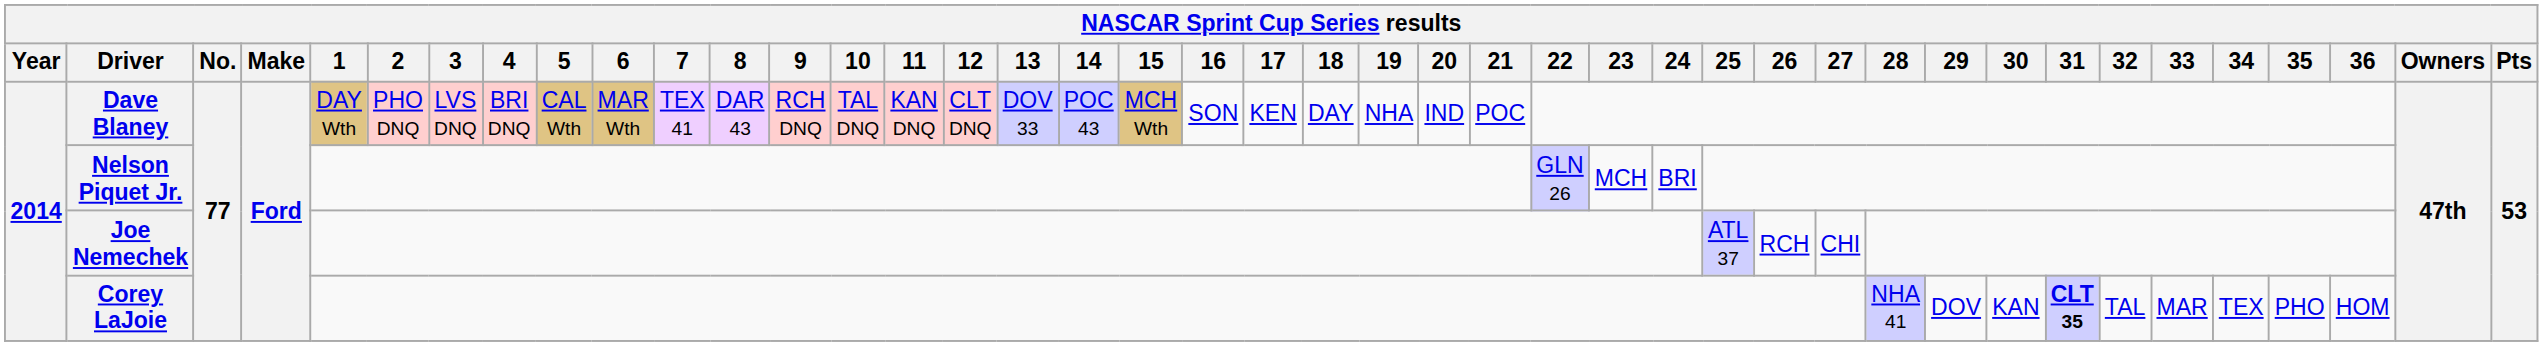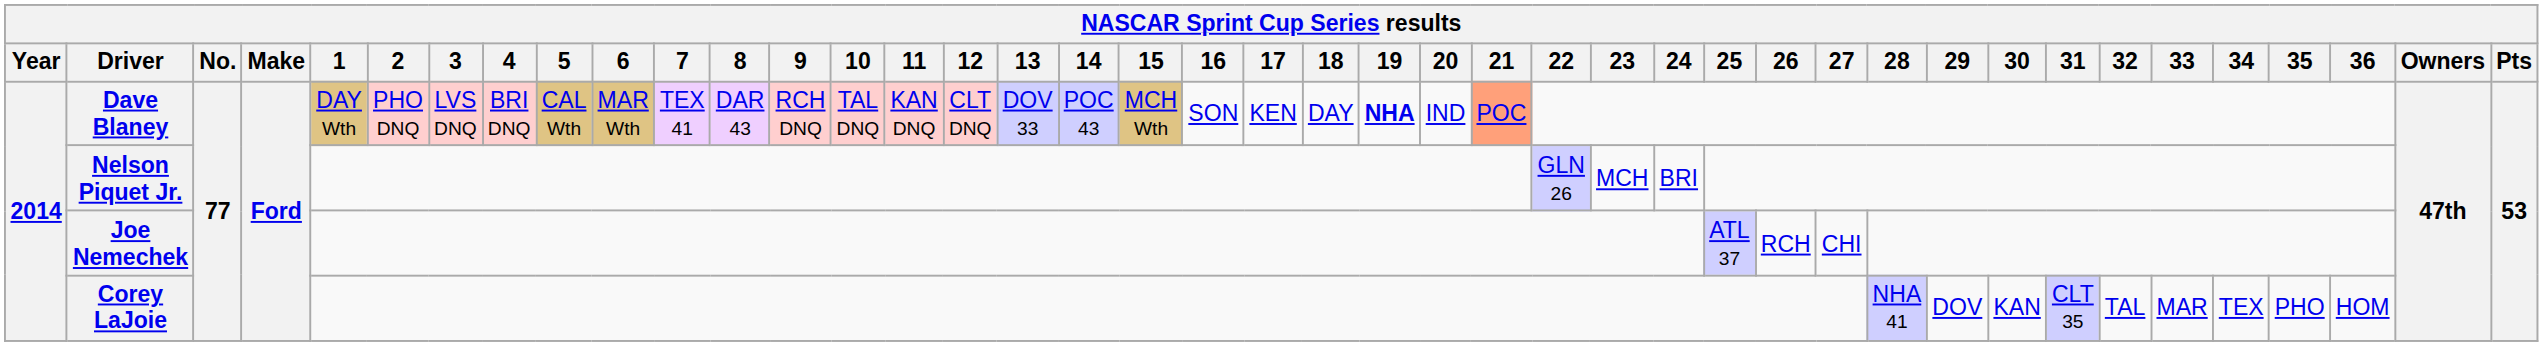 <table class="wikitable" style="text-align:center; font-size:75%">
 <tr>
 <th colspan=45><a href='#'>NASCAR Sprint Cup Series</a> results</th>
 </tr>
 <tr>
 <th>Year</th>
 <th>Driver</th>
 <th>No.</th>
 <th>Make</th>
 <th>1</th>
 <th>2</th>
 <th>3</th>
 <th>4</th>
 <th>5</th>
 <th>6</th>
 <th>7</th>
 <th>8</th>
 <th>9</th>
 <th>10</th>
 <th>11</th>
 <th>12</th>
 <th>13</th>
 <th>14</th>
 <th>15</th>
 <th>16</th>
 <th>17</th>
 <th>18</th>
 <th>19</th>
 <th>20</th>
 <th>21</th>
 <th>22</th>
 <th>23</th>
 <th>24</th>
 <th>25</th>
 <th>26</th>
 <th>27</th>
 <th>28</th>
 <th>29</th>
 <th>30</th>
 <th>31</th>
 <th>32</th>
 <th>33</th>
 <th>34</th>
 <th>35</th>
 <th>36</th>
 <th>Owners</th>
 <th>Pts</th>
 </tr>
 <tr>
 <th rowspan=4><a href='#'>2014</a></th>
 <th><a href='#'>Dave Blaney</a></th>
 <th rowspan=4>77</th>
 <th rowspan=4><a href='#'>Ford</a></th>
 <td style="background:#DFC484;"><a href='#'>DAY</a><br><small>Wth</small></td>
 <td style="background:#FFCFCF;"><a href='#'>PHO</a><br><small>DNQ</small></td>
 <td style="background:#FFCFCF;"><a href='#'>LVS</a><br><small>DNQ</small></td>
 <td style="background:#FFCFCF;"><a href='#'>BRI</a><br><small>DNQ</small></td>
 <td style="background:#DFC484;"><a href='#'>CAL</a><br><small>Wth</small></td>
 <td style="background:#DFC484;"><a href='#'>MAR</a><br><small>Wth</small></td>
 <td style="background:#EFCFFF;"><a href='#'>TEX</a><br><small>41</small></td>
 <td style="background:#EFCFFF;"><a href='#'>DAR</a><br><small>43</small></td>
 <td style="background:#FFCFCF;"><a href='#'>RCH</a><br><small>DNQ</small></td>
 <td style="background:#FFCFCF;"><a href='#'>TAL</a><br><small>DNQ</small></td>
 <td style="background:#FFCFCF;"><a href='#'>KAN</a><br><small>DNQ</small></td>
 <td style="background:#FFCFCF;"><a href='#'>CLT</a><br><small>DNQ</small></td>
 <td style="background:#CFCFFF;"><a href='#'>DOV</a><br><small>33</small></td>
 <td style="background:#CFCFFF;"><a href='#'>POC</a><br><small>43</small></td>
 <td style="background:#DFC484;"><a href='#'>MCH</a><br><small>Wth</small></td>
 <td><a href='#'>SON</a></td>
 <td><a href='#'>KEN</a></td>
 <td><a href='#'>DAY</a></td>
-<td><a href='#'>NHA</a></td>
+<td><strong><a href='#'>NHA</a></strong></td>
 <td><a href='#'>IND</a></td>
-<td><a href='#'>POC</a></td>
+<td style="background: lightsalmon;"><a href='#'>POC</a></td>
 <td colspan=15></td>
 <th rowspan=4>47th</th>
 <th rowspan=4>53</th>
 </tr>
 <tr>
 <th><a href='#'>Nelson Piquet Jr.</a></th>
 <td colspan=21></td>
 <td style="background:#CFCFFF;"><a href='#'>GLN</a><br><small>26</small></td>
 <td><a href='#'>MCH</a></td>
 <td><a href='#'>BRI</a></td>
 <td colspan=12></td>
 </tr>
 <tr>
 <th><a href='#'>Joe Nemechek</a></th>
 <td colspan=24></td>
 <td style="background:#CFCFFF;"><a href='#'>ATL</a><br><small>37</small></td>
 <td><a href='#'>RCH</a></td>
 <td><a href='#'>CHI</a></td>
 <td colspan=9></td>
 </tr>
 <tr>
 <th><a href='#'>Corey LaJoie</a></th>
 <td colspan=27></td>
 <td style="background:#CFCFFF;"><a href='#'>NHA</a><br><small>41</small></td>
 <td><a href='#'>DOV</a></td>
 <td><a href='#'>KAN</a></td>
-<td style="background:#CFCFFF;"><strong><a href='#'>CLT</a><br><small>35</small></strong></td>
+<td style="background:#CFCFFF;"><a href='#'>CLT</a><br><small>35</small></td>
 <td><a href='#'>TAL</a></td>
 <td><a href='#'>MAR</a></td>
 <td><a href='#'>TEX</a></td>
 <td><a href='#'>PHO</a></td>
 <td><a href='#'>HOM</a></td>
 </tr>
 </table>
